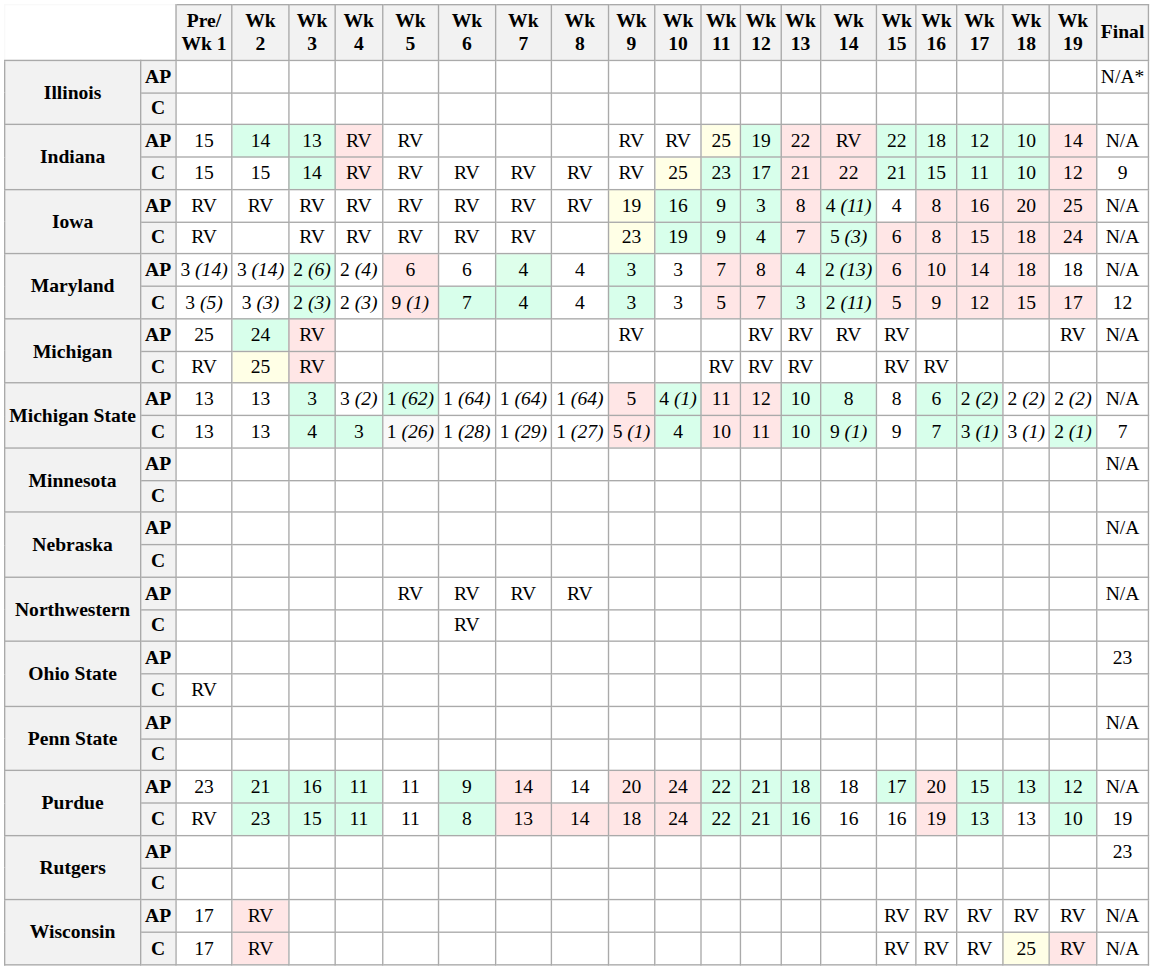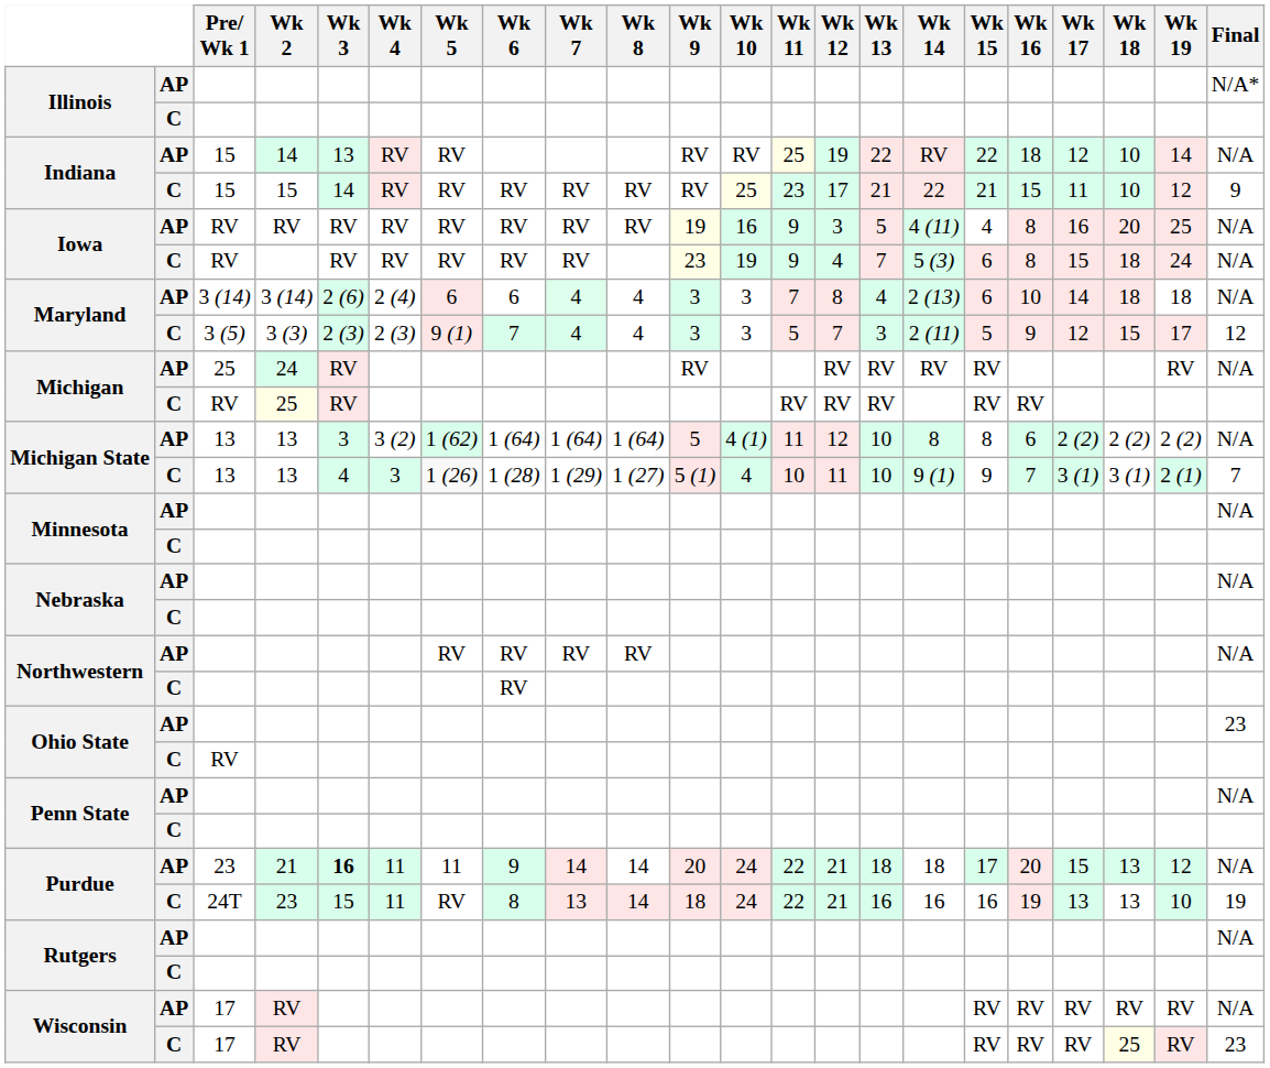 <table class="wikitable" style="white-space:nowrap;font-size:90%;text-align:center;">
 <tr>
 <th colspan="2" style="background:white; border-top-style:hidden; border-left-style:hidden;"> </th>
 <th>Pre/<br>Wk 1</th>
 <th>Wk<br>2</th>
 <th>Wk<br>3</th>
 <th>Wk<br>4</th>
 <th>Wk<br>5</th>
 <th>Wk<br>6</th>
 <th>Wk<br>7</th>
 <th>Wk<br>8</th>
 <th>Wk<br>9</th>
 <th>Wk<br>10</th>
 <th>Wk<br>11</th>
 <th>Wk<br>12</th>
 <th>Wk<br>13</th>
 <th>Wk<br>14</th>
 <th>Wk<br>15</th>
 <th>Wk<br>16</th>
 <th>Wk<br>17</th>
 <th>Wk<br>18</th>
 <th>Wk<br>19</th>
 <th>Final</th>
 </tr>
 <tr>
 <th rowspan="2" style="background:#">Illinois</th>
 <th>AP</th>
 <td style="background:#FFF;"></td>
 <td style="background:#FFF;"></td>
 <td style="background:#FFF;"></td>
 <td style="background:#FFF;"></td>
 <td style="background:#FFF;"></td>
 <td style="background:#FFF;"></td>
 <td style="background:#FFF;"></td>
 <td style="background:#FFF;"></td>
 <td style="background:#FFF;"></td>
 <td style="background:#FFF;"></td>
 <td style="background:#FFF;"></td>
 <td style="background:#FFF;"></td>
 <td style="background:#FFF;"></td>
 <td style="background:#FFF;"></td>
 <td style="background:#FFF;"></td>
 <td style="background:#FFF;"></td>
 <td style="background:#FFF;"></td>
 <td style="background:#FFF;"></td>
 <td style="background:#FFF;"></td>
 <td style="background:#FFF;">N/A*</td>
 </tr>
 <tr>
 <th>C</th>
 <td style="background:#FFF;"></td>
 <td style="background:#FFF;"></td>
 <td style="background:#FFF;"></td>
 <td style="background:#FFF;"></td>
 <td style="background:#FFF;"></td>
 <td style="background:#FFF;"></td>
 <td style="background:#FFF;"></td>
 <td style="background:#FFF;"></td>
 <td style="background:#FFF;"></td>
 <td style="background:#FFF;"></td>
 <td style="background:#FFF;"></td>
 <td style="background:#FFF;"></td>
 <td style="background:#FFF;"></td>
 <td style="background:#FFF;"></td>
 <td style="background:#FFF;"></td>
 <td style="background:#FFF;"></td>
 <td style="background:#FFF;"></td>
 <td style="background:#FFF;"></td>
 <td style="background:#FFF;"></td>
 <td style="background:#FFF;"></td>
 </tr>
 <tr>
 <th rowspan="2" style=>Indiana</th>
 <th>AP</th>
 <td style="background:#FFF;">15</td>
 <td style="background:#d8ffeb;">14</td>
 <td style="background:#d8ffeb;">13</td>
 <td style="background:#ffe6e6;">RV</td>
 <td style="background:#FFF;">RV</td>
 <td style="background:#FFF;"></td>
 <td style="background:#FFF;"></td>
 <td style="background:#FFF;"></td>
 <td style="background:#FFF;">RV</td>
 <td style="background:#FFF;">RV</td>
 <td style="background:#ffffe6;">25</td>
 <td style="background:#d8ffeb;">19</td>
 <td style="background:#ffe6e6;">22</td>
 <td style="background:#ffe6e6;">RV</td>
 <td style="background:#d8ffeb;">22</td>
 <td style="background:#d8ffeb;">18</td>
 <td style="background:#d8ffeb;">12</td>
 <td style="background:#d8ffeb;">10</td>
 <td style="background:#ffe6e6;">14</td>
 <td style="background:#FFF;">N/A</td>
 </tr>
 <tr>
 <th>C</th>
 <td style="background:#FFF;">15</td>
 <td style="background:#FFF;">15</td>
 <td style="background:#d8ffeb;">14</td>
 <td style="background:#ffe6e6;">RV</td>
 <td style="background:#FFF;">RV</td>
 <td style="background:#FFF;">RV</td>
 <td style="background:#FFF;">RV</td>
 <td style="background:#FFF;">RV</td>
 <td style="background:#FFF;">RV</td>
 <td style="background:#ffffe6;">25</td>
 <td style="background:#d8ffeb;">23</td>
 <td style="background:#d8ffeb;">17</td>
 <td style="background:#ffe6e6;">21</td>
 <td style="background:#ffe6e6;">22</td>
 <td style="background:#d8ffeb;">21</td>
 <td style="background:#d8ffeb;">15</td>
 <td style="background:#d8ffeb;">11</td>
 <td style="background:#d8ffeb;">10</td>
 <td style="background:#ffe6e6;">12</td>
 <td style="background:#FFF;">9</td>
 </tr>
 <tr>
 <th rowspan="2" style=>Iowa</th>
 <th>AP</th>
 <td style="background:#FFF;">RV</td>
 <td style="background:#FFF;">RV</td>
 <td style="background:#FFF;">RV</td>
 <td style="background:#FFF;">RV</td>
 <td style="background:#FFF;">RV</td>
 <td style="background:#FFF;">RV</td>
 <td style="background:#FFF;">RV</td>
 <td style="background:#FFF;">RV</td>
 <td style="background:#ffffe6;">19</td>
 <td style="background:#d8ffeb;">16</td>
 <td style="background:#d8ffeb;">9</td>
 <td style="background:#d8ffeb;">3</td>
-<td style="background:#ffe6e6;">8</td>
+<td style="background:#ffe6e6;">5</td>
 <td style="background:#d8ffeb;">4 <em>(11)</em></td>
 <td style="background:#FFF;">4</td>
 <td style="background:#ffe6e6;">8</td>
 <td style="background:#ffe6e6;">16</td>
 <td style="background:#ffe6e6;">20</td>
 <td style="background:#ffe6e6;">25</td>
 <td style="background:#FFF;">N/A</td>
 </tr>
 <tr>
 <th>C</th>
 <td style="background:#FFF;">RV</td>
 <td style="background:#FFF"></td>
 <td style="background:#FFF">RV</td>
 <td style="background:#FFF;">RV</td>
 <td style="background:#FFF;">RV</td>
 <td style="background:#FFF;">RV</td>
 <td style="background:#FFF;">RV</td>
 <td style="background:#FFF"></td>
 <td style="background:#ffffe6;">23</td>
 <td style="background:#d8ffeb;">19</td>
 <td style="background:#d8ffeb;">9</td>
 <td style="background:#d8ffeb;">4</td>
 <td style="background:#ffe6e6;">7</td>
 <td style="background:#d8ffeb;">5 <em>(3)</em></td>
 <td style="background:#ffe6e6;">6</td>
 <td style="background:#ffe6e6;">8</td>
 <td style="background:#ffe6e6;">15</td>
 <td style="background:#ffe6e6;">18</td>
 <td style="background:#ffe6e6;">24</td>
 <td style="background:#FFF;">N/A</td>
 </tr>
 <tr>
 <th rowspan="2" style=>Maryland</th>
 <th>AP</th>
 <td style="background:#FFF;">3 <em>(14)</em></td>
 <td style="background:#FFF;">3 <em>(14)</em></td>
 <td style="background:#d8ffeb;">2 <em>(6)</em></td>
 <td style="background:#FFF;">2 <em>(4)</em></td>
 <td style="background:#ffe6e6;">6</td>
 <td style="background:#FFF;">6</td>
 <td style="background:#deffeb;">4</td>
 <td style="background:#FFF;">4</td>
 <td style="background:#d8ffeb;">3</td>
 <td style="background:#FFF;">3</td>
 <td style="background:#ffe6e6;">7</td>
 <td style="background:#ffe6e6;">8</td>
 <td style="background:#d8ffeb;">4</td>
 <td style="background:#d8ffeb;">2 <em>(13)</em></td>
 <td style="background:#ffe6e6;">6</td>
 <td style="background:#ffe6e6;">10</td>
 <td style="background:#ffe6e6;">14</td>
 <td style="background:#ffe6e6;">18</td>
 <td style="background:#FFF;">18</td>
 <td style="background:#FFF;">N/A</td>
 </tr>
 <tr>
 <th>C</th>
 <td style="background:#FFF;">3 <em>(5)</em></td>
 <td style="background:#FFF;">3 <em>(3)</em></td>
 <td style="background:#d8ffeb;">2 <em>(3)</em></td>
 <td style="background:#FFF;">2 <em>(3)</em></td>
 <td style="background:#FFe6e6;">9 <em>(1)</em></td>
 <td style="background:#d8ffeb;">7</td>
 <td style="background:#d8ffeb;">4</td>
 <td style="background:#FFF;">4</td>
 <td style="background:#d8ffeb;">3</td>
 <td style="background:#FFF;">3</td>
 <td style="background:#ffe6e6;">5</td>
 <td style="background:#ffe6e6;">7</td>
 <td style="background:#d8ffeb;">3</td>
 <td style="background:#d8ffeb;">2 <em>(11)</em></td>
 <td style="background:#ffe6e6;">5</td>
 <td style="background:#ffe6e6;">9</td>
 <td style="background:#ffe6e6;">12</td>
 <td style="background:#ffe6e6;">15</td>
 <td style="background:#ffe6e6;">17</td>
 <td style="background:#FFF;">12</td>
 </tr>
 <tr>
 <th rowspan="2" style=>Michigan</th>
 <th>AP</th>
 <td style="background:#FFF;">25</td>
 <td style="background:#d8ffeb;">24</td>
 <td style="background:#ffe6e6;">RV</td>
 <td style="background:#FFF;"></td>
 <td style="background:#FFF;"></td>
 <td style="background:#FFF;"></td>
 <td style="background:#FFF;"></td>
 <td style="background:#FFF;"></td>
 <td style="background:#FFF;">RV</td>
 <td style="background:#FFF;"></td>
 <td style="background:#FFF;"></td>
 <td style="background:#FFF;">RV</td>
 <td style="background:#FFF;">RV</td>
 <td style="background:#FFF;">RV</td>
 <td style="background:#FFF;">RV</td>
 <td style="background:#FFF;"></td>
 <td style="background:#FFF;"></td>
 <td style="background:#FFF;"></td>
 <td style="background:#FFF;">RV</td>
 <td style="background:#FFF;">N/A</td>
 </tr>
 <tr>
 <th>C</th>
 <td style="background:#FFF;">RV</td>
 <td style="background:#ffffe6;">25</td>
 <td style="background:#ffe6e6;">RV</td>
 <td style="background:#FFF;"></td>
 <td style="background:#FFF;"></td>
 <td style="background:#FFF;"></td>
 <td style="background:#FFF;"></td>
 <td style="background:#FFF;"></td>
 <td style="background:#FFF;"></td>
 <td style="background:#FFF;"></td>
 <td style="background:#FFF;">RV</td>
 <td style="background:#FFF;">RV</td>
 <td style="background:#FFF;">RV</td>
 <td style="background:#FFF;"></td>
 <td style="background:#FFF;">RV</td>
 <td style="background:#FFF;">RV</td>
 <td style="background:#FFF;"></td>
 <td style="background:#FFF;"></td>
 <td style="background:#FFF;"></td>
 <td style="background:#FFF;"></td>
 </tr>
 <tr>
 <th rowspan="2" style=>Michigan State</th>
 <th>AP</th>
 <td style="background:#FFF;">13</td>
 <td style="background:#FFF;">13</td>
 <td style="background:#d8ffeb;">3</td>
 <td style="background:#FFF;">3 <em>(2)</em></td>
 <td style="background:#d8ffeb;">1 <em>(62)</em></td>
 <td style="background:#FFF;">1 <em>(64)</em></td>
 <td style="background:#FFF;">1 <em>(64)</em></td>
 <td style="background:#FFF;">1 <em>(64)</em></td>
 <td style="background:#FFe6e6;">5</td>
 <td style="background:#d8ffeb;">4 <em>(1)</em></td>
 <td style="background:#ffe6e6;">11</td>
 <td style="background:#ffe6e6;">12</td>
 <td style="background:#d8ffeb;">10</td>
 <td style="background:#d8ffeb;">8</td>
 <td style="background:#FFF;">8</td>
 <td style="background:#d8ffeb;">6</td>
 <td style="background:#d8ffeb;">2 <em>(2)</em></td>
 <td style="background:#FFF;">2 <em>(2)</em></td>
 <td style="background:#FFF;">2 <em>(2)</em></td>
 <td style="background:#FFF;">N/A</td>
 </tr>
 <tr>
 <th>C</th>
 <td style="background:#FFF;">13</td>
 <td style="background:#FFF;">13</td>
 <td style="background:#d8ffeb;">4</td>
 <td style="background:#d8ffeb;">3</td>
 <td style="background:#d8feb;">1 <em>(26)</em></td>
 <td style="background:#FFF;">1 <em>(28)</em></td>
 <td style="background:#FFF;">1 <em>(29)</em></td>
 <td style="background:#FFF;">1 <em>(27)</em></td>
 <td style="background:#FFe6e6;">5 <em>(1)</em></td>
 <td style="background:#d8ffeb;">4</td>
 <td style="background:#ffe6e6;">10</td>
 <td style="background:#ffe6e6;">11</td>
 <td style="background:#d8ffeb;">10</td>
 <td style="background:#d8ffeb;">9 <em>(1)</em></td>
 <td style="background:#FFF;">9</td>
 <td style="background:#d8ffeb;">7</td>
 <td style="background:#d8ffeb;">3 <em>(1)</em></td>
 <td style="background:#FFF;">3 <em>(1)</em></td>
 <td style="background:#d8ffeb;">2 <em>(1)</em></td>
 <td style="background:#FFF;">7</td>
 </tr>
 <tr>
 <th rowspan="2" style=>Minnesota</th>
 <th>AP</th>
 <td style="background:#FFF;"></td>
 <td style="background:#FFF;"></td>
 <td style="background:#FFF;"></td>
 <td style="background:#FFF;"></td>
 <td style="background:#FFF;"></td>
 <td style="background:#FFF;"></td>
 <td style="background:#FFF;"></td>
 <td style="background:#FFF;"></td>
 <td style="background:#FFF;"></td>
 <td style="background:#FFF;"></td>
 <td style="background:#FFF;"></td>
 <td style="background:#FFF;"></td>
 <td style="background:#FFF;"></td>
 <td style="background:#FFF;"></td>
 <td style="background:#FFF;"></td>
 <td style="background:#FFF;"></td>
 <td style="background:#FFF;"></td>
 <td style="background:#FFF;"></td>
 <td style="background:#FFF;"></td>
 <td style="background:#FFF;">N/A</td>
 </tr>
 <tr>
 <th>C</th>
 <td style="background:#FFF;"></td>
 <td style="background:#FFF;"></td>
 <td style="background:#FFF;"></td>
 <td style="background:#FFF;"></td>
 <td style="background:#FFF;"></td>
 <td style="background:#FFF;"></td>
 <td style="background:#FFF;"></td>
 <td style="background:#FFF;"></td>
 <td style="background:#FFF;"></td>
 <td style="background:#FFF;"></td>
 <td style="background:#FFF;"></td>
 <td style="background:#FFF;"></td>
 <td style="background:#FFF;"></td>
 <td style="background:#FFF;"></td>
 <td style="background:#FFF;"></td>
 <td style="background:#FFF;"></td>
 <td style="background:#FFF;"></td>
 <td style="background:#FFF;"></td>
 <td style="background:#FFF;"></td>
 <td style="background:#FFF;"></td>
 </tr>
 <tr>
 <th rowspan="2" style=>Nebraska</th>
 <th>AP</th>
 <td style="background:#FFF;"></td>
 <td style="background:#FFF;"></td>
 <td style="background:#FFF;"></td>
 <td style="background:#FFF;"></td>
 <td style="background:#FFF;"></td>
 <td style="background:#FFF;"></td>
 <td style="background:#FFF;"></td>
 <td style="background:#FFF;"></td>
 <td style="background:#FFF;"></td>
 <td style="background:#FFF;"></td>
 <td style="background:#FFF;"></td>
 <td style="background:#FFF;"></td>
 <td style="background:#FFF;"></td>
 <td style="background:#FFF;"></td>
 <td style="background:#FFF;"></td>
 <td style="background:#FFF;"></td>
 <td style="background:#FFF;"></td>
 <td style="background:#FFF;"></td>
 <td style="background:#FFF;"></td>
 <td style="background:#FFF;">N/A</td>
 </tr>
 <tr>
 <th>C</th>
 <td style="background:#FFF;"></td>
 <td style="background:#FFF;"></td>
 <td style="background:#FFF;"></td>
 <td style="background:#FFF;"></td>
 <td style="background:#FFF;"></td>
 <td style="background:#FFF;"></td>
 <td style="background:#FFF;"></td>
 <td style="background:#FFF;"></td>
 <td style="background:#FFF;"></td>
 <td style="background:#FFF;"></td>
 <td style="background:#FFF;"></td>
 <td style="background:#FFF;"></td>
 <td style="background:#FFF;"></td>
 <td style="background:#FFF;"></td>
 <td style="background:#FFF;"></td>
 <td style="background:#FFF;"></td>
 <td style="background:#FFF;"></td>
 <td style="background:#FFF;"></td>
 <td style="background:#FFF;"></td>
 <td style="background:#FFF;"></td>
 </tr>
 <tr>
 <th rowspan="2" style=>Northwestern</th>
 <th>AP</th>
 <td style="background:#FFF;"></td>
 <td style="background:#FFF;"></td>
 <td style="background:#FFF;"></td>
 <td style="background:#FFF;"></td>
 <td style="background:#FFF;">RV</td>
 <td style="background:#FFF;">RV</td>
 <td style="background:#FFF;">RV</td>
 <td style="background:#FFf;">RV</td>
 <td style="background:#FFF;"></td>
 <td style="background:#FFF;"></td>
 <td style="background:#FFF;"></td>
 <td style="background:#FFF;"></td>
 <td style="background:#FFF;"></td>
 <td style="background:#FFF;"></td>
 <td style="background:#FFF;"></td>
 <td style="background:#FFF;"></td>
 <td style="background:#FFF;"></td>
 <td style="background:#FFF;"></td>
 <td style="background:#FFF;"></td>
 <td style="background:#FFF;">N/A</td>
 </tr>
 <tr>
 <th>C</th>
 <td style="background:#FFF;"></td>
 <td style="background:#FFF;"></td>
 <td style="background:#FFF;"></td>
 <td style="background:#FFF;"></td>
 <td style="background:#FFF;"></td>
 <td style="background:#FFF;">RV</td>
 <td style="background:#FFF;"></td>
 <td style="background:#FFF;"></td>
 <td style="background:#FFF;"></td>
 <td style="background:#FFF;"></td>
 <td style="background:#FFF;"></td>
 <td style="background:#FFF;"></td>
 <td style="background:#FFF;"></td>
 <td style="background:#FFF;"></td>
 <td style="background:#FFF;"></td>
 <td style="background:#FFF;"></td>
 <td style="background:#FFF;"></td>
 <td style="background:#FFF;"></td>
 <td style="background:#FFF;"></td>
 <td style="background:#FFF;"></td>
 </tr>
 <tr>
 <th rowspan="2" style=>Ohio State</th>
 <th>AP</th>
 <td style="background:#FFF;"></td>
 <td style="background:#FFF;"></td>
 <td style="background:#FFF;"></td>
 <td style="background:#FFF;"></td>
 <td style="background:#FFF;"></td>
 <td style="background:#FFF;"></td>
 <td style="background:#FFF;"></td>
 <td style="background:#FFF;"></td>
 <td style="background:#FFF;"></td>
 <td style="background:#FFF;"></td>
 <td style="background:#FFF;"></td>
 <td style="background:#FFF;"></td>
 <td style="background:#FFF;"></td>
 <td style="background:#FFF;"></td>
 <td style="background:#FFF;"></td>
 <td style="background:#FFF;"></td>
 <td style="background:#FFF;"></td>
 <td style="background:#FFF;"></td>
 <td style="background:#FFF;"></td>
 <td style="background:#FFF;">23</td>
 </tr>
 <tr>
 <th>C</th>
 <td style="background:#FFF;">RV</td>
 <td style="background:#FFF;"></td>
 <td style="background:#FFF;"></td>
 <td style="background:#FFF;"></td>
 <td style="background:#FFF;"></td>
 <td style="background:#FFF;"></td>
 <td style="background:#FFF;"></td>
 <td style="background:#FFF;"></td>
 <td style="background:#FFF;"></td>
 <td style="background:#FFF;"></td>
 <td style="background:#FFF;"></td>
 <td style="background:#FFF;"></td>
 <td style="background:#FFF;"></td>
 <td style="background:#FFF;"></td>
 <td style="background:#FFF;"></td>
 <td style="background:#FFF;"></td>
 <td style="background:#FFF;"></td>
 <td style="background:#FFF;"></td>
 <td style="background:#FFF;"></td>
 <td style="background:#FFF;"></td>
 </tr>
 <tr>
 <th rowspan="2" style=>Penn State</th>
 <th>AP</th>
 <td style="background:#FFF;"></td>
 <td style="background:#FFF;"></td>
 <td style="background:#FFF;"></td>
 <td style="background:#FFF;"></td>
 <td style="background:#FFF;"></td>
 <td style="background:#FFF;"></td>
 <td style="background:#FFF;"></td>
 <td style="background:#FFF;"></td>
 <td style="background:#FFF;"></td>
 <td style="background:#FFF;"></td>
 <td style="background:#FFF;"></td>
 <td style="background:#FFF;"></td>
 <td style="background:#FFF;"></td>
 <td style="background:#FFF;"></td>
 <td style="background:#FFF;"></td>
 <td style="background:#FFF;"></td>
 <td style="background:#FFF;"></td>
 <td style="background:#FFF;"></td>
 <td style="background:#FFF;"></td>
 <td style="background:#FFF;">N/A</td>
 </tr>
 <tr>
 <th>C</th>
 <td style="background:#FFF;"></td>
 <td style="background:#FFF;"></td>
 <td style="background:#FFF;"></td>
 <td style="background:#FFF;"></td>
 <td style="background:#FFF;"></td>
 <td style="background:#FFF;"></td>
 <td style="background:#FFF;"></td>
 <td style="background:#FFF;"></td>
 <td style="background:#FFF;"></td>
 <td style="background:#FFF;"></td>
 <td style="background:#FFF;"></td>
 <td style="background:#FFF;"></td>
 <td style="background:#FFF;"></td>
 <td style="background:#FFF;"></td>
 <td style="background:#FFF;"></td>
 <td style="background:#FFF;"></td>
 <td style="background:#FFF;"></td>
 <td style="background:#FFF;"></td>
 <td style="background:#FFF;"></td>
 <td style="background:#FFF;"></td>
 </tr>
 <tr>
 <th rowspan="2" style=>Purdue</th>
 <th>AP</th>
 <td style="background:#FFF;">23</td>
 <td style="background:#d8ffeb;">21</td>
-<td style="background:#d8ffeb;">16</td>
+<td style="background:#d8ffeb;"><strong>16</strong></td>
 <td style="background:#d8ffeb;">11</td>
 <td style="background:#FFF;">11</td>
 <td style="background:#d8ffeb;">9</td>
 <td style="background:#FFe6e6;">14</td>
 <td style="background:#FFF;">14</td>
 <td style="background:#FFe6e6;">20</td>
 <td style="background:#ffe6e6;">24</td>
 <td style="background:#d8ffeb;">22</td>
 <td style="background:#d8ffeb;">21</td>
 <td style="background:#d8ffeb;">18</td>
 <td style="background:#FFF;">18</td>
 <td style="background:#d8ffeb;">17</td>
 <td style="background:#ffe6e6;">20</td>
 <td style="background:#d8ffeb;">15</td>
 <td style="background:#d8ffeb;">13</td>
 <td style="background:#d8ffeb;">12</td>
 <td style="background:#FFF;">N/A</td>
 </tr>
 <tr>
 <th>C</th>
-<td style="background:#FFF;">RV</td>
+<td style="background:#FFF;">24T</td>
 <td style="background:#d8ffeb;">23</td>
 <td style="background:#d8ffeb;">15</td>
 <td style="background:#d8ffeb;">11</td>
-<td style="background:#FFF;">11</td>
+<td style="background:#FFF;">RV</td>
 <td style="background:#d8ffeb;">8</td>
 <td style="background:#FFe6e6;">13</td>
 <td style="background:#FFe6e6;">14</td>
 <td style="background:#FFe6e6">18</td>
 <td style="background:#ffe6e6;">24</td>
 <td style="background:#d8ffeb;">22</td>
 <td style="background:#d8ffeb;">21</td>
 <td style="background:#d8ffeb;">16</td>
 <td style="background:#FFF;">16</td>
 <td style="background:#FFF;">16</td>
 <td style="background:#ffe6e6;">19</td>
 <td style="background:#d8ffeb;">13</td>
 <td style="background:#FFF;">13</td>
 <td style="background:#d8ffeb;">10</td>
 <td style="background:#FFF;">19</td>
 </tr>
 <tr>
 <th rowspan="2" style=>Rutgers</th>
 <th>AP</th>
 <td style="background:#FFF;"></td>
 <td style="background:#FFF;"></td>
 <td style="background:#FFF;"></td>
 <td style="background:#FFF;"></td>
 <td style="background:#FFF;"></td>
 <td style="background:#FFF;"></td>
 <td style="background:#FFF;"></td>
 <td style="background:#FFF;"></td>
 <td style="background:#FFF;"></td>
 <td style="background:#FFF;"></td>
 <td style="background:#FFF;"></td>
 <td style="background:#FFF;"></td>
 <td style="background:#FFF;"></td>
 <td style="background:#FFF;"></td>
 <td style="background:#FFF;"></td>
 <td style="background:#FFF;"></td>
 <td style="background:#FFF;"></td>
 <td style="background:#FFF;"></td>
 <td style="background:#FFF;"></td>
-<td style="background:#FFF;">23</td>
+<td style="background:#FFF;">N/A</td>
 </tr>
 <tr>
 <th>C</th>
 <td style="background:#FFF;"></td>
 <td style="background:#FFF;"></td>
 <td style="background:#FFF;"></td>
 <td style="background:#FFF;"></td>
 <td style="background:#FFF;"></td>
 <td style="background:#FFF;"></td>
 <td style="background:#FFF;"></td>
 <td style="background:#FFF;"></td>
 <td style="background:#FFF;"></td>
 <td style="background:#FFF;"></td>
 <td style="background:#FFF;"></td>
 <td style="background:#FFF;"></td>
 <td style="background:#FFF;"></td>
 <td style="background:#FFF;"></td>
 <td style="background:#FFF;"></td>
 <td style="background:#FFF;"></td>
 <td style="background:#FFF;"></td>
 <td style="background:#FFF;"></td>
 <td style="background:#FFF;"></td>
 <td style="background:#FFF;"></td>
 </tr>
 <tr>
 <th rowspan="2" style=>Wisconsin</th>
 <th>AP</th>
 <td style="background:#FFF;">17</td>
 <td style="background:#ffe6e6;">RV</td>
 <td style="background:#FFF;"></td>
 <td style="background:#FFF;"></td>
 <td style="background:#FFF;"></td>
 <td style="background:#FFF;"></td>
 <td style="background:#FFF;"></td>
 <td style="background:#FFF;"></td>
 <td style="background:#FFF;"></td>
 <td style="background:#FFF;"></td>
 <td style="background:#FFF;"></td>
 <td style="background:#FFF;"></td>
 <td style="background:#FFF;"></td>
 <td style="background:#FFF;"></td>
 <td style="background:#FFF;">RV</td>
 <td style="background:#FFF;">RV</td>
 <td style="background:#FFF;">RV</td>
 <td style="background:#FFF;">RV</td>
 <td style="background:#FFF;">RV</td>
 <td style="background:#FFF;">N/A</td>
 </tr>
 <tr>
 <th>C</th>
 <td style="background:#FFF;">17</td>
 <td style="background:#ffe6e6;">RV</td>
 <td style="background:#FFF;"></td>
 <td style="background:#FFF;"></td>
 <td style="background:#FFF;"></td>
 <td style="background:#FFF;"></td>
 <td style="background:#FFF;"></td>
 <td style="background:#FFF;"></td>
 <td style="background:#FFF;"></td>
 <td style="background:#FFF;"></td>
 <td style="background:#FFF;"></td>
 <td style="background:#FFF;"></td>
 <td style="background:#FFF;"></td>
 <td style="background:#FFF;"></td>
 <td style="background:#FFF;">RV</td>
 <td style="background:#FFF;">RV</td>
 <td style="background:#FFF;">RV</td>
 <td style="background:#ffffe6;">25</td>
 <td style="background:#ffe6e6;">RV</td>
-<td style="background:#FFF;">N/A</td>
+<td style="background:#FFF;">23</td>
 </tr>
 </table>
